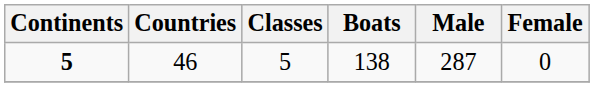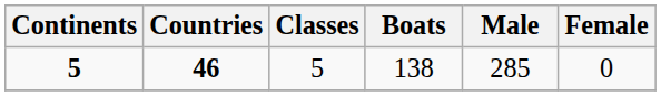 <table class="wikitable">
 <tr>
 <th width=50>Continents</th>
 <th width=50>Countries</th>
 <th width=50>Classes</th>
 <th width=50>Boats</th>
 <th width=50>Male</th>
 <th width=50>Female</th>
 </tr>
 <tr>
 <td align="center"><strong>5</strong></td>
-<td align="center">46</td>
+<td align="center"><strong>46</strong></td>
 <td align="center">5</td>
 <td align="center">138</td>
-<td align="center">287</td>
+<td align="center">285</td>
 <td align="center">0</td>
 </tr>
 <tr>
 </tr>
 </table>
